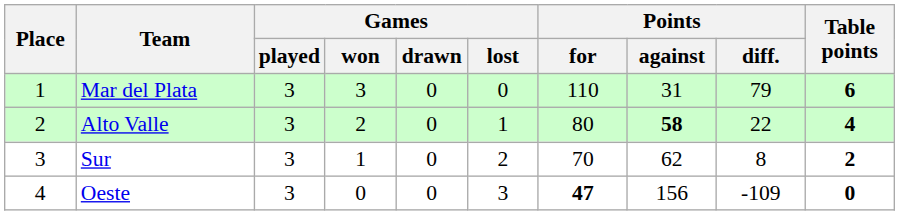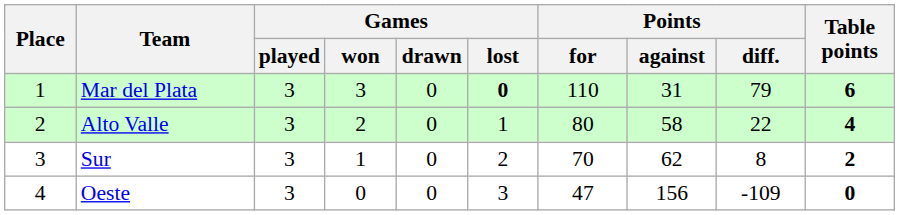 <table class="wikitable">
 <tr>
 <th rowspan=2 width="8%">Place</th>
 <th rowspan=2 width="20%">Team</th>
 <th colspan=4 width="32%">Games</th>
 <th colspan=3 width="30%">Points</th>
 <th rowspan=2 width="10%">Table<br>points</th>
 </tr>
 <tr>
 <th width="8%">played</th>
 <th width="8%">won</th>
 <th width="8%">drawn</th>
 <th width="8%">lost</th>
 <th width="10%">for</th>
 <th width="10%">against</th>
 <th width="10%">diff.</th>
 </tr>
 <tr align=center style="background: #ccffcc;">
 <td>1</td>
 <td align=left><a href='#'>Mar del Plata</a></td>
 <td>3</td>
 <td>3</td>
 <td>0</td>
-<td>0</td>
+<td><strong>0</strong></td>
 <td>110</td>
 <td>31</td>
 <td>79</td>
 <td><strong>6</strong></td>
 </tr>
 <tr align=center style="background: #ccffcc;">
 <td>2</td>
 <td align=left><a href='#'>Alto Valle</a></td>
 <td>3</td>
 <td>2</td>
 <td>0</td>
 <td>1</td>
 <td>80</td>
-<td><strong>58</strong></td>
+<td>58</td>
 <td>22</td>
 <td><strong>4</strong></td>
 </tr>
 <tr align=center style="background: #ffffff;">
 <td>3</td>
 <td align=left><a href='#'>Sur</a></td>
 <td>3</td>
 <td>1</td>
 <td>0</td>
 <td>2</td>
 <td>70</td>
 <td>62</td>
 <td>8</td>
 <td><strong>2</strong></td>
 </tr>
 <tr align=center style="background: #ffffff;">
 <td>4</td>
 <td align=left><a href='#'>Oeste</a></td>
 <td>3</td>
 <td>0</td>
 <td>0</td>
 <td>3</td>
-<td><strong>47</strong></td>
+<td>47</td>
 <td>156</td>
 <td>-109</td>
 <td><strong>0</strong></td>
 </tr>
 </table>
